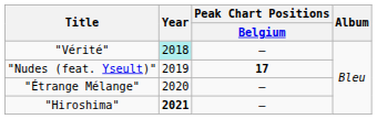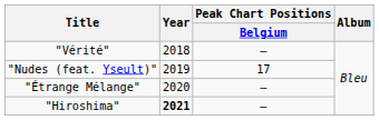 <table class="wikitable plainrowheaders" style="text-align:center;">
 <tr>
 <th rowspan="2">Title</th>
 <th rowspan="2">Year</th>
 <th>Peak Chart Positions</th>
 <th rowspan="2">Album</th>
 </tr>
 <tr>
 <th><a href='#'>Belgium</a></th>
 </tr>
 <tr>
 <td>"Vérité"</td>
-<td style="background: paleturquoise;">2018</td>
+<td>2018</td>
 <td>—</td>
 <td rowspan="4"><em>Bleu</em></td>
 </tr>
 <tr>
 <td>"Nudes (feat. <a href='#'>Yseult</a>)"</td>
 <td>2019</td>
-<td><strong>17</strong></td>
+<td>17</td>
 </tr>
 <tr>
 <td>"Étrange Mélange"</td>
 <td>2020</td>
 <td>—</td>
 </tr>
 <tr>
 <td>"Hiroshima"</td>
 <td><strong>2021</strong></td>
 <td>—</td>
 </tr>
 </table>
